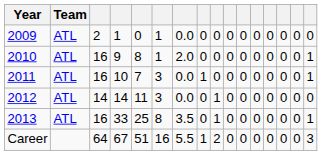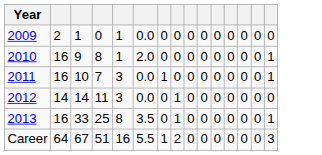 <table class="wikitable sortable">
 <tr>
 <th>Year</th>
-<th>Team</th>
 <th></th>
 <th></th>
 <th></th>
 <th></th>
 <th></th>
 <th></th>
 <th></th>
 <th></th>
 <th></th>
 <th></th>
 <th></th>
 <th></th>
 <th></th>
 <th></th>
 </tr>
 <tr>
 <td><a href='#'>2009</a></td>
-<td><a href='#'>ATL</a></td>
 <td>2</td>
 <td>1</td>
 <td>0</td>
 <td>1</td>
 <td>0.0</td>
 <td>0</td>
 <td>0</td>
 <td>0</td>
 <td>0</td>
 <td>0</td>
 <td>0</td>
 <td>0</td>
 <td>0</td>
 <td>0</td>
 </tr>
 <tr>
 <td><a href='#'>2010</a></td>
-<td><a href='#'>ATL</a></td>
 <td>16</td>
 <td>9</td>
 <td>8</td>
 <td>1</td>
 <td>2.0</td>
 <td>0</td>
 <td>0</td>
 <td>0</td>
 <td>0</td>
 <td>0</td>
 <td>0</td>
 <td>0</td>
 <td>0</td>
 <td>1</td>
 </tr>
 <tr>
 <td><a href='#'>2011</a></td>
-<td><a href='#'>ATL</a></td>
 <td>16</td>
 <td>10</td>
 <td>7</td>
 <td>3</td>
 <td>0.0</td>
 <td>1</td>
 <td>0</td>
 <td>0</td>
 <td>0</td>
 <td>0</td>
 <td>0</td>
 <td>0</td>
 <td>0</td>
 <td>1</td>
 </tr>
 <tr>
 <td><a href='#'>2012</a></td>
-<td><a href='#'>ATL</a></td>
 <td>14</td>
 <td>14</td>
 <td>11</td>
 <td>3</td>
 <td>0.0</td>
 <td>0</td>
 <td>1</td>
 <td>0</td>
 <td>0</td>
 <td>0</td>
 <td>0</td>
 <td>0</td>
 <td>0</td>
 <td>0</td>
 </tr>
 <tr>
 <td><a href='#'>2013</a></td>
-<td><a href='#'>ATL</a></td>
 <td>16</td>
 <td>33</td>
 <td>25</td>
 <td>8</td>
 <td>3.5</td>
 <td>0</td>
 <td>1</td>
 <td>0</td>
 <td>0</td>
 <td>0</td>
 <td>0</td>
 <td>0</td>
 <td>0</td>
 <td>1</td>
 </tr>
 <tr>
 <td>Career</td>
-<td></td>
 <td>64</td>
 <td>67</td>
 <td>51</td>
 <td>16</td>
 <td>5.5</td>
 <td>1</td>
 <td>2</td>
 <td>0</td>
 <td>0</td>
 <td>0</td>
 <td>0</td>
 <td>0</td>
 <td>0</td>
 <td>3</td>
 </tr>
 </table>
